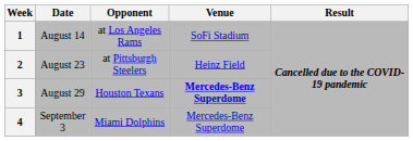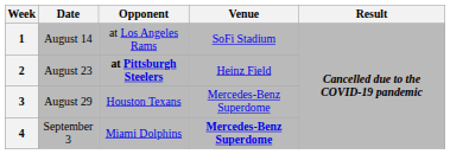 <table class="wikitable" style="text-align:center">
 <tr>
 <th>Week</th>
 <th>Date</th>
 <th>Opponent</th>
 <th>Venue</th>
 <th>Result</th>
 </tr>
 <tr style="background:#bababa">
 <th>1</th>
 <td>August 14</td>
 <td>at <a href='#'>Los Angeles Rams</a></td>
 <td><a href='#'>SoFi Stadium</a></td>
 <td rowspan=4><strong><em>Cancelled due to the COVID-19 pandemic</em></strong></td>
 </tr>
 <tr style="background:#bababa">
 <th>2</th>
 <td>August 23</td>
-<td>at <a href='#'>Pittsburgh Steelers</a></td>
+<td><strong>at <a href='#'>Pittsburgh Steelers</a></strong></td>
 <td><a href='#'>Heinz Field</a></td>
 </tr>
 <tr style="background:#bababa">
 <th>3</th>
 <td>August 29</td>
 <td><a href='#'>Houston Texans</a></td>
-<td><strong><a href='#'>Mercedes-Benz Superdome</a></strong></td>
+<td><a href='#'>Mercedes-Benz Superdome</a></td>
 </tr>
 <tr style="background:#bababa">
 <th>4</th>
 <td>September 3</td>
 <td><a href='#'>Miami Dolphins</a></td>
-<td><a href='#'>Mercedes-Benz Superdome</a></td>
+<td><strong><a href='#'>Mercedes-Benz Superdome</a></strong></td>
 </tr>
 </table>
